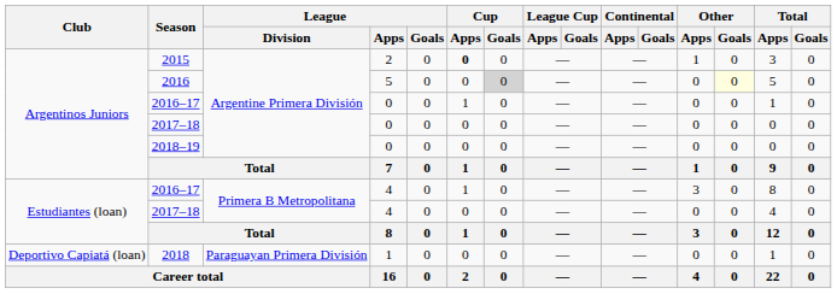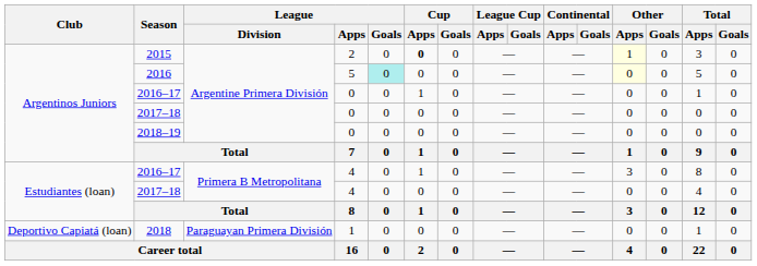 <table class="wikitable" style="text-align:center">
 <tr>
 <th rowspan="2">Club</th>
 <th rowspan="2">Season</th>
 <th colspan="3">League</th>
 <th colspan="2">Cup</th>
 <th colspan="2">League Cup</th>
 <th colspan="2">Continental</th>
 <th colspan="2">Other</th>
 <th colspan="2">Total</th>
 </tr>
 <tr>
 <th>Division</th>
 <th>Apps</th>
 <th>Goals</th>
 <th>Apps</th>
 <th>Goals</th>
 <th>Apps</th>
 <th>Goals</th>
 <th>Apps</th>
 <th>Goals</th>
 <th>Apps</th>
 <th>Goals</th>
 <th>Apps</th>
 <th>Goals</th>
 </tr>
 <tr>
 <td rowspan="6"><a href='#'>Argentinos Juniors</a></td>
 <td><a href='#'>2015</a></td>
 <td rowspan="5"><a href='#'>Argentine Primera División</a></td>
 <td>2</td>
 <td>0</td>
 <td><strong>0</strong></td>
 <td>0</td>
 <td colspan="2">—</td>
 <td colspan="2">—</td>
-<td>1</td>
+<td style="background: lightyellow;">1</td>
 <td>0</td>
 <td>3</td>
 <td>0</td>
 </tr>
 <tr>
 <td><a href='#'>2016</a></td>
 <td>5</td>
+<td style="background: paleturquoise;">0</td>
 <td>0</td>
 <td>0</td>
-<td style="background: lightgrey;">0</td>
 <td colspan="2">—</td>
 <td colspan="2">—</td>
+<td style="background: lightyellow;">0</td>
 <td>0</td>
-<td style="background: lightyellow;">0</td>
 <td>5</td>
 <td>0</td>
 </tr>
 <tr>
 <td><a href='#'>2016–17</a></td>
 <td>0</td>
 <td>0</td>
 <td>1</td>
 <td>0</td>
 <td colspan="2">—</td>
 <td colspan="2">—</td>
 <td>0</td>
 <td>0</td>
 <td>1</td>
 <td>0</td>
 </tr>
 <tr>
 <td><a href='#'>2017–18</a></td>
 <td>0</td>
 <td>0</td>
 <td>0</td>
 <td>0</td>
 <td colspan="2">—</td>
 <td colspan="2">—</td>
 <td>0</td>
 <td>0</td>
 <td>0</td>
 <td>0</td>
 </tr>
 <tr>
 <td><a href='#'>2018–19</a></td>
 <td>0</td>
 <td>0</td>
 <td>0</td>
 <td>0</td>
 <td colspan="2">—</td>
 <td colspan="2">—</td>
 <td>0</td>
 <td>0</td>
 <td>0</td>
 <td>0</td>
 </tr>
 <tr>
 <th colspan="2">Total</th>
 <th>7</th>
 <th>0</th>
 <th>1</th>
 <th>0</th>
 <th colspan="2">—</th>
 <th colspan="2">—</th>
 <th>1</th>
 <th>0</th>
 <th>9</th>
 <th>0</th>
 </tr>
 <tr>
 <td rowspan="3"><a href='#'>Estudiantes</a> (loan)</td>
 <td><a href='#'>2016–17</a></td>
 <td rowspan="2"><a href='#'>Primera B Metropolitana</a></td>
 <td>4</td>
 <td>0</td>
 <td>1</td>
 <td>0</td>
 <td colspan="2">—</td>
 <td colspan="2">—</td>
 <td>3</td>
 <td>0</td>
 <td>8</td>
 <td>0</td>
 </tr>
 <tr>
 <td><a href='#'>2017–18</a></td>
 <td>4</td>
 <td>0</td>
 <td>0</td>
 <td>0</td>
 <td colspan="2">—</td>
 <td colspan="2">—</td>
 <td>0</td>
 <td>0</td>
 <td>4</td>
 <td>0</td>
 </tr>
 <tr>
 <th colspan="2">Total</th>
 <th>8</th>
 <th>0</th>
 <th>1</th>
 <th>0</th>
 <th colspan="2">—</th>
 <th colspan="2">—</th>
 <th>3</th>
 <th>0</th>
 <th>12</th>
 <th>0</th>
 </tr>
 <tr>
 <td rowspan="1"><a href='#'>Deportivo Capiatá</a> (loan)</td>
 <td><a href='#'>2018</a></td>
 <td rowspan="1"><a href='#'>Paraguayan Primera División</a></td>
 <td>1</td>
 <td>0</td>
 <td>0</td>
 <td>0</td>
 <td colspan="2">—</td>
 <td colspan="2">—</td>
 <td>0</td>
 <td>0</td>
 <td>1</td>
 <td>0</td>
 </tr>
 <tr>
 <th colspan="3">Career total</th>
 <th>16</th>
 <th>0</th>
 <th>2</th>
 <th>0</th>
 <th colspan="2">—</th>
 <th colspan="2">—</th>
 <th>4</th>
 <th>0</th>
 <th>22</th>
 <th>0</th>
 </tr>
 </table>
